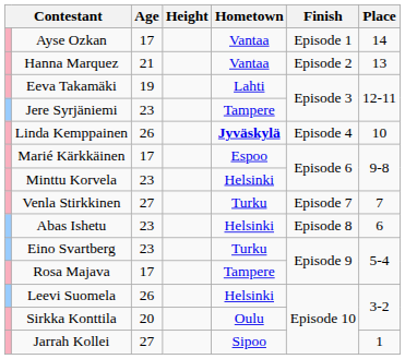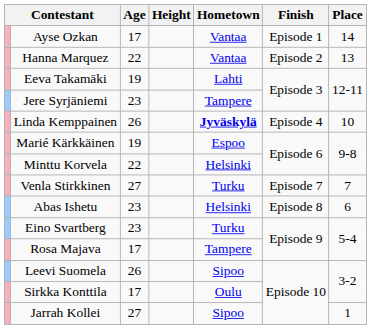 <table class="wikitable sortable" style="text-align:center;">
 <tr>
 <th colspan="2">Contestant</th>
 <th>Age</th>
 <th>Height</th>
 <th>Hometown</th>
 <th>Finish</th>
 <th>Place</th>
 </tr>
 <tr>
 <th style="background:#faafbe"></th>
 <td>Ayse Ozkan</td>
 <td>17</td>
 <td></td>
 <td><a href='#'>Vantaa</a></td>
 <td>Episode 1</td>
 <td>14</td>
 </tr>
 <tr>
 <th style="background:#faafbe"></th>
 <td>Hanna Marquez</td>
-<td>21</td>
+<td>22</td>
 <td></td>
 <td><a href='#'>Vantaa</a></td>
 <td>Episode 2</td>
 <td>13</td>
 </tr>
 <tr>
 <th style="background:#faafbe"></th>
 <td>Eeva Takamäki</td>
 <td>19</td>
 <td></td>
 <td><a href='#'>Lahti</a></td>
 <td rowspan="2">Episode 3</td>
 <td rowspan="2">12-11</td>
 </tr>
 <tr>
 <th style="background:#9cf;"></th>
 <td>Jere Syrjäniemi</td>
 <td>23</td>
 <td></td>
 <td><a href='#'>Tampere</a></td>
 </tr>
 <tr>
 <th style="background:#faafbe"></th>
 <td>Linda Kemppainen</td>
 <td>26</td>
 <td></td>
 <td><strong><a href='#'>Jyväskylä</a></strong></td>
 <td>Episode 4</td>
 <td>10</td>
 </tr>
 <tr>
 <th style="background:#faafbe"></th>
 <td>Marié Kärkkäinen</td>
-<td>17</td>
+<td>19</td>
 <td></td>
 <td><a href='#'>Espoo</a></td>
 <td rowspan="2">Episode 6</td>
 <td rowspan="2">9-8</td>
 </tr>
 <tr>
 <th style="background:#faafbe"></th>
 <td>Minttu Korvela</td>
-<td>23</td>
+<td>22</td>
 <td></td>
 <td><a href='#'>Helsinki</a></td>
 </tr>
 <tr>
 <th style="background:#faafbe"></th>
 <td>Venla Stirkkinen</td>
 <td>27</td>
 <td></td>
 <td><a href='#'>Turku</a></td>
 <td>Episode 7</td>
 <td>7</td>
 </tr>
 <tr>
 <th style="background:#9cf;"></th>
 <td>Abas Ishetu</td>
 <td>23</td>
 <td></td>
 <td><a href='#'>Helsinki</a></td>
 <td>Episode 8</td>
 <td>6</td>
 </tr>
 <tr>
 <th style="background:#9cf;"></th>
 <td>Eino Svartberg</td>
 <td>23</td>
 <td></td>
 <td><a href='#'>Turku</a></td>
 <td rowspan="2">Episode 9</td>
 <td rowspan="2">5-4</td>
 </tr>
 <tr>
 <th style="background:#faafbe"></th>
 <td>Rosa Majava</td>
 <td>17</td>
 <td></td>
 <td><a href='#'>Tampere</a></td>
 </tr>
 <tr>
 <th style="background:#9cf;"></th>
 <td>Leevi Suomela</td>
 <td>26</td>
 <td></td>
-<td><a href='#'>Helsinki</a></td>
+<td><a href='#'>Sipoo</a></td>
 <td rowspan="3">Episode 10</td>
 <td rowspan="2">3-2</td>
 </tr>
 <tr>
 <th style="background:#faafbe"></th>
 <td>Sirkka Konttila</td>
-<td>20</td>
+<td>17</td>
 <td></td>
 <td><a href='#'>Oulu</a></td>
 </tr>
 <tr>
 <th style="background:#faafbe"></th>
 <td>Jarrah Kollei</td>
 <td>27</td>
 <td></td>
 <td><a href='#'>Sipoo</a></td>
 <td>1</td>
 </tr>
 </table>
